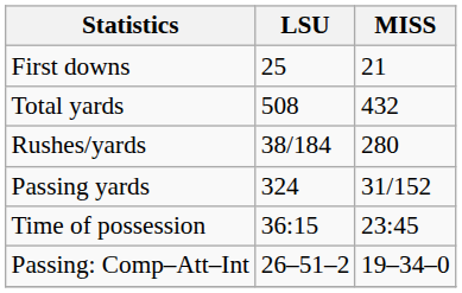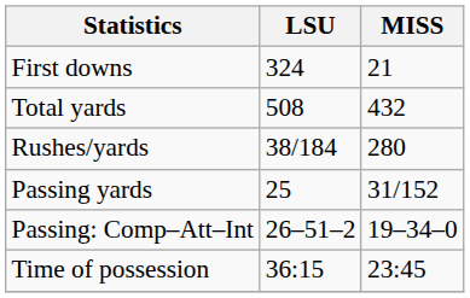 <table class="wikitable" style="float: left;">
 <tr>
 <th>Statistics</th>
 <th>LSU</th>
 <th>MISS</th>
 </tr>
 <tr>
 <td>First downs</td>
-<td>25</td>
+<td>324</td>
 <td>21</td>
 </tr>
 <tr>
 <td>Total yards</td>
 <td>508</td>
 <td>432</td>
 </tr>
 <tr>
 <td>Rushes/yards</td>
 <td>38/184</td>
 <td>280</td>
 </tr>
 <tr>
 <td>Passing yards</td>
-<td>324</td>
+<td>25</td>
 <td>31/152</td>
+</tr>
+<tr>
+<td>Passing: Comp–Att–Int</td>
+<td>26–51–2</td>
+<td>19–34–0</td>
 </tr>
 <tr>
 <td>Time of possession</td>
 <td>36:15</td>
 <td>23:45</td>
 </tr>
 <tr>
-<td>Passing: Comp–Att–Int</td>
-<td>26–51–2</td>
-<td>19–34–0</td>
-</tr>
-<tr>
 </tr>
 </table>
